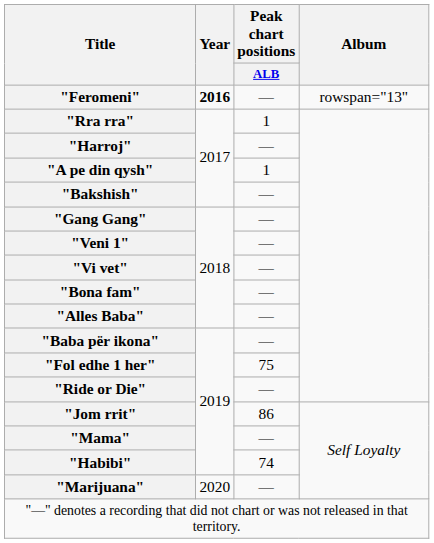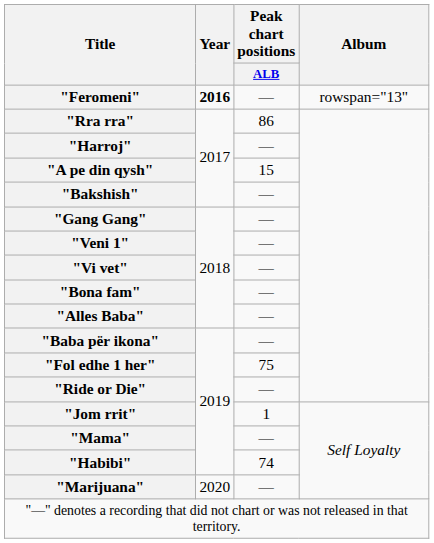 <table class="wikitable plainrowheaders" style="text-align:center;">
 <tr>
 <th scope="col" rowspan="2" style="width:12em;">Title</th>
 <th scope="col" rowspan="2" style="width:2em;">Year</th>
 <th scope="col" colspan="1">Peak<br>chart<br>positions</th>
 <th scope="col" rowspan="2" style="width:8em;">Album</th>
 </tr>
 <tr>
 <th style="width:40px; font-size:smaller;"><a href='#'>ALB</a><br></th>
 </tr>
 <tr>
 <th scope="row">"Feromeni"</th>
 <td rowspan="1"><strong>2016</strong></td>
 <td>—</td>
 <td>rowspan="13" </td>
 </tr>
 <tr>
 <th scope="row">"Rra rra"</th>
 <td rowspan="4">2017</td>
-<td>1</td>
+<td>86</td>
 </tr>
 <tr>
 <th scope="row">"Harroj"<br></th>
 <td>—</td>
 </tr>
 <tr>
 <th scope="row">"A pe din qysh"</th>
-<td>1</td>
+<td>15</td>
 </tr>
 <tr>
 <th scope="row">"Bakshish"</th>
 <td>—</td>
 </tr>
 <tr>
 <th scope="row">"Gang Gang"</th>
 <td rowspan="5">2018</td>
 <td>—</td>
 </tr>
 <tr>
 <th scope="row">"Veni 1"</th>
 <td>—</td>
 </tr>
 <tr>
 <th scope="row">"Vi vet"</th>
 <td>—</td>
 </tr>
 <tr>
 <th scope="row">"Bona fam"</th>
 <td>—</td>
 </tr>
 <tr>
 <th scope="row">"Alles Baba"</th>
 <td>—</td>
 </tr>
 <tr>
 <th scope="row">"Baba për ikona"</th>
 <td rowspan="6">2019</td>
 <td>—</td>
 </tr>
 <tr>
 <th scope="row">"Fol edhe 1 her"</th>
 <td>75</td>
 </tr>
 <tr>
 <th scope="row">"Ride or Die"</th>
 <td>—</td>
 </tr>
 <tr>
 <th scope="row">"Jom rrit"</th>
-<td>86</td>
+<td>1</td>
 <td rowspan="4"><em>Self Loyalty</em></td>
 </tr>
 <tr>
 <th scope="row">"Mama"</th>
 <td>—</td>
 </tr>
 <tr>
 <th scope="row">"Habibi"</th>
 <td>74</td>
 </tr>
 <tr>
 <th scope="row">"Marijuana"</th>
 <td rowspan="1">2020</td>
 <td>—</td>
 </tr>
 <tr>
 <td colspan="11" style="font-size:90%">"—" denotes a recording that did not chart or was not released in that territory.</td>
 </tr>
 </table>
